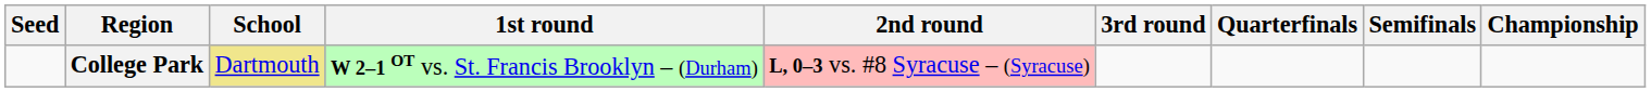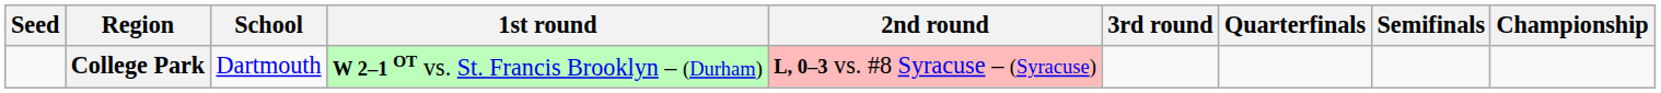 <table class="sortable wikitable" style="white-space:nowrap; font-size:90%;">
 <tr>
 <th>Seed</th>
 <th>Region</th>
 <th>School</th>
 <th>1st round</th>
 <th>2nd round</th>
 <th>3rd round</th>
 <th>Quarterfinals</th>
 <th>Semifinals</th>
 <th>Championship</th>
 </tr>
 <tr>
 <td></td>
 <th>College Park</th>
-<td style="background: khaki;"><a href='#'>Dartmouth</a></td>
+<td><a href='#'>Dartmouth</a></td>
 <td style="background:#bfb;"><small><strong>W 2–1 <sup>OT</sup></strong></small> vs. <a href='#'>St. Francis Brooklyn</a> – <small>(<a href='#'>Durham</a>)</small></td>
 <td style="background:#FBB"><small><strong>L, 0–3</strong></small> vs. #8 <a href='#'>Syracuse</a> – <small>(<a href='#'>Syracuse</a>)</small></td>
 <td></td>
 <td></td>
 <td></td>
 </tr>
 </table>
